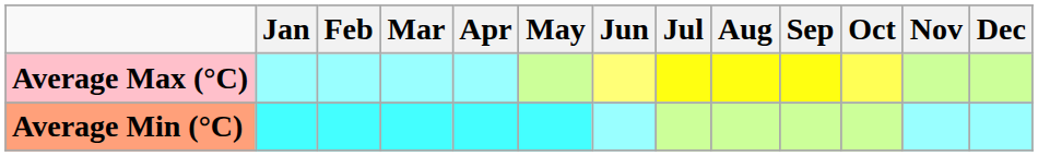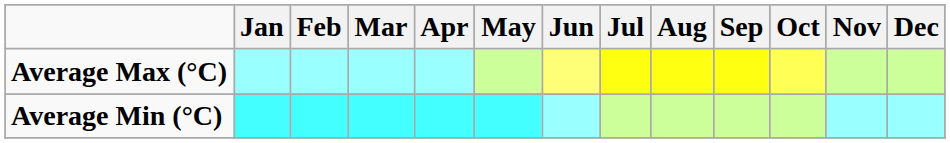 <table class="wikitable" style="margin-left: auto; margin-right: auto; border: none;">
 <tr>
 <td></td>
 <th><strong>Jan</strong></th>
 <th><strong>Feb</strong></th>
 <th><strong>Mar</strong></th>
 <th><strong>Apr</strong></th>
 <th><strong>May</strong></th>
 <th><strong>Jun</strong></th>
 <th><strong>Jul</strong></th>
 <th><strong>Aug</strong></th>
 <th><strong>Sep</strong></th>
 <th><strong>Oct</strong></th>
 <th><strong>Nov</strong></th>
 <th><strong>Dec</strong></th>
 </tr>
 <tr>
-<td style="background: pink;"><strong>Average Max (°C)</strong></td>
+<td><strong>Average Max (°C)</strong></td>
 <td style="background:#9ff; color:black;"><small></small></td>
 <td style="background:#9ff; color:black;"><small></small></td>
 <td style="background:#9ff; color:black;"><small></small></td>
 <td style="background:#9ff; color:black;"><small></small></td>
 <td style="background:#cf9; color:black;"><small></small></td>
 <td style="background:#ff7; color:black;"><small></small></td>
 <td style="background:#ff1; color:black;"><small></small></td>
 <td style="background:#ff1; color:black;"><small></small></td>
 <td style="background:#ff1; color:black;"><small></small></td>
 <td style="background:#ff5; color:black;"><small></small></td>
 <td style="background:#cf9; color:black;"><small></small></td>
 <td style="background:#cf9; color:black;"><small></small></td>
 </tr>
 <tr>
-<td style="background: lightsalmon;"><strong>Average Min (°C)</strong></td>
+<td><strong>Average Min (°C)</strong></td>
 <td style="background:#4ff; color:black;"><small></small></td>
 <td style="background:#4ff; color:black;"><small></small></td>
 <td style="background:#4ff; color:black;"><small></small></td>
 <td style="background:#4ff; color:black;"><small></small></td>
 <td style="background:#4ff; color:black;"><small></small></td>
 <td style="background:#9ff; color:black;"><small></small></td>
 <td style="background:#cf9; color:black;"><small></small></td>
 <td style="background:#cf9; color:black;"><small></small></td>
 <td style="background:#cf9; color:black;"><small></small></td>
 <td style="background:#cf9; color:black;"><small></small></td>
 <td style="background:#9ff; color:black;"><small></small></td>
 <td style="background:#9ff; color:black;"><small></small></td>
 </tr>
 </table>
